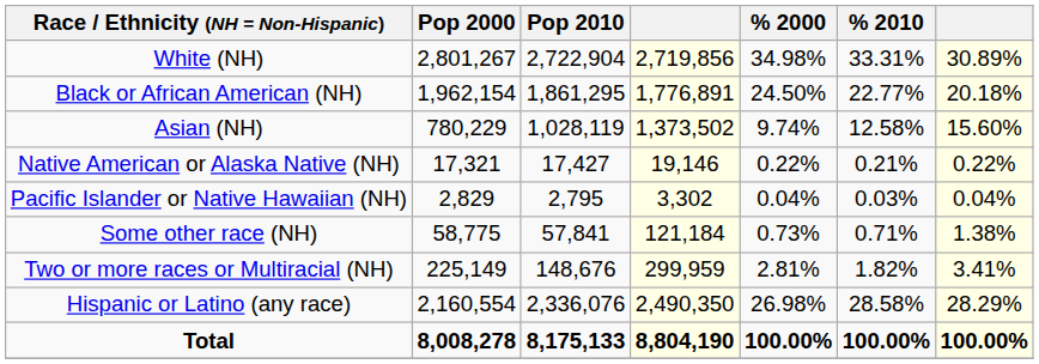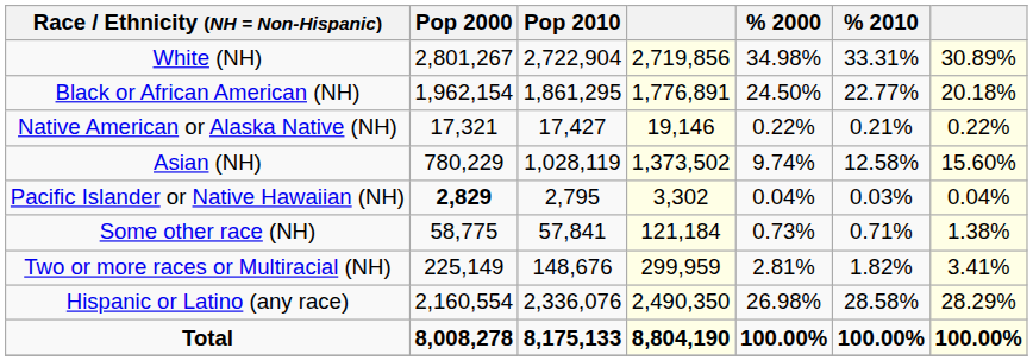 <table class="wikitable" style="text-align:center;">
 <tr>
 <th>Race / Ethnicity <small>(<em>NH = Non-Hispanic</em>)</small></th>
 <th>Pop 2000</th>
 <th>Pop 2010</th>
 <th></th>
 <th>% 2000</th>
 <th>% 2010</th>
 <th></th>
 </tr>
 <tr>
 <td><a href='#'>White</a> (NH)</td>
 <td>2,801,267</td>
 <td>2,722,904</td>
 <td style='background: #ffffe6;'>2,719,856</td>
 <td>34.98%</td>
 <td>33.31%</td>
 <td style='background: #ffffe6;'>30.89%</td>
 </tr>
 <tr>
 <td><a href='#'>Black or African American</a> (NH)</td>
 <td>1,962,154</td>
 <td>1,861,295</td>
 <td style='background: #ffffe6;'>1,776,891</td>
 <td>24.50%</td>
 <td>22.77%</td>
 <td style='background: #ffffe6;'>20.18%</td>
 </tr>
 <tr>
+<td><a href='#'>Native American</a> or <a href='#'>Alaska Native</a> (NH)</td>
+<td>17,321</td>
+<td>17,427</td>
+<td style='background: #ffffe6;'>19,146</td>
+<td>0.22%</td>
+<td>0.21%</td>
+<td style='background: #ffffe6;'>0.22%</td>
+</tr>
+<tr>
 <td><a href='#'>Asian</a> (NH)</td>
 <td>780,229</td>
 <td>1,028,119</td>
 <td style='background: #ffffe6;'>1,373,502</td>
 <td>9.74%</td>
 <td>12.58%</td>
 <td style='background: #ffffe6;'>15.60%</td>
 </tr>
 <tr>
-<td><a href='#'>Native American</a> or <a href='#'>Alaska Native</a> (NH)</td>
-<td>17,321</td>
-<td>17,427</td>
-<td style='background: #ffffe6;'>19,146</td>
-<td>0.22%</td>
-<td>0.21%</td>
-<td style='background: #ffffe6;'>0.22%</td>
-</tr>
-<tr>
 <td><a href='#'>Pacific Islander</a> or <a href='#'>Native Hawaiian</a> (NH)</td>
-<td>2,829</td>
+<td><strong>2,829</strong></td>
 <td>2,795</td>
 <td style='background: #ffffe6;'>3,302</td>
 <td>0.04%</td>
 <td>0.03%</td>
 <td style='background: #ffffe6;'>0.04%</td>
 </tr>
 <tr>
 <td><a href='#'>Some other race</a> (NH)</td>
 <td>58,775</td>
 <td>57,841</td>
 <td style='background: #ffffe6;'>121,184</td>
 <td>0.73%</td>
 <td>0.71%</td>
 <td style='background: #ffffe6;'>1.38%</td>
 </tr>
 <tr>
 <td><a href='#'>Two or more races or Multiracial</a> (NH)</td>
 <td>225,149</td>
 <td>148,676</td>
 <td style='background: #ffffe6;'>299,959</td>
 <td>2.81%</td>
 <td>1.82%</td>
 <td style='background: #ffffe6;'>3.41%</td>
 </tr>
 <tr>
 <td><a href='#'>Hispanic or Latino</a> (any race)</td>
 <td>2,160,554</td>
 <td>2,336,076</td>
 <td style='background: #ffffe6;'>2,490,350</td>
 <td>26.98%</td>
 <td>28.58%</td>
 <td style='background: #ffffe6;'>28.29%</td>
 </tr>
 <tr>
 <td><strong>Total</strong></td>
 <td><strong>8,008,278</strong></td>
 <td><strong>8,175,133</strong></td>
 <td style='background: #ffffe6;'><strong>8,804,190</strong></td>
 <td><strong>100.00%</strong></td>
 <td><strong>100.00%</strong></td>
 <td style='background: #ffffe6;'><strong>100.00%</strong></td>
 </tr>
 <tr>
 </tr>
 </table>
